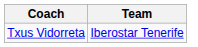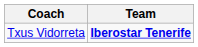 <table class="wikitable">
 <tr>
 <th align="center">Coach</th>
 <th align="center">Team</th>
 </tr>
 <tr>
 <td> <a href='#'>Txus Vidorreta</a></td>
-<td><a href='#'>Iberostar Tenerife</a></td>
+<td><strong><a href='#'>Iberostar Tenerife</a></strong></td>
 </tr>
 </table>
